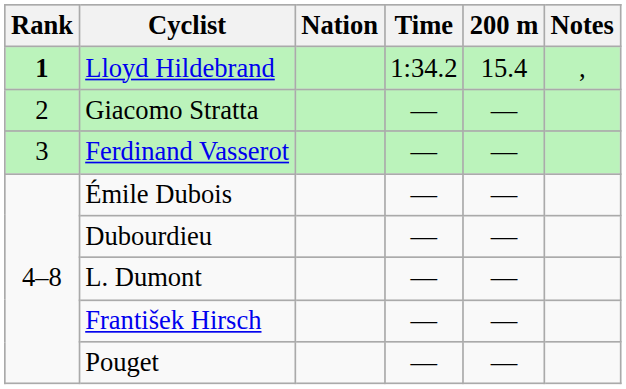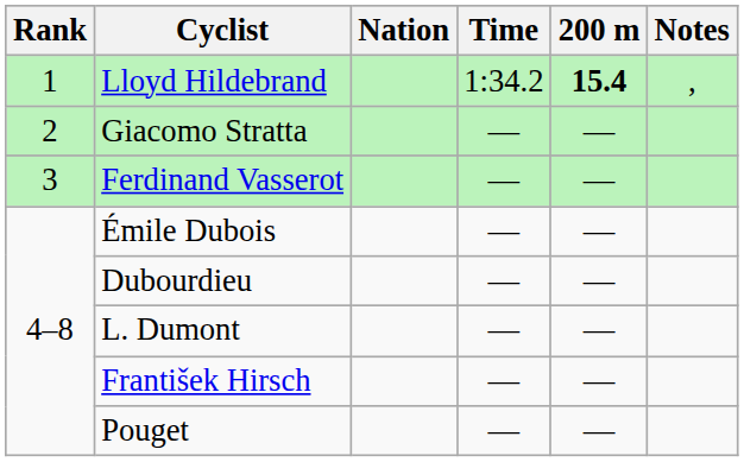 <table class="wikitable sortable" style="text-align:center">
 <tr>
 <th>Rank</th>
 <th>Cyclist</th>
 <th>Nation</th>
 <th>Time</th>
 <th>200 m</th>
 <th>Notes</th>
 </tr>
 <tr bgcolor=bbf3bb>
-<td><strong>1</strong></td>
+<td>1</td>
 <td align=left><a href='#'>Lloyd Hildebrand</a></td>
 <td align=left></td>
 <td>1:34.2</td>
-<td>15.4</td>
+<td><strong>15.4</strong></td>
 <td>, </td>
 </tr>
 <tr bgcolor=bbf3bb>
 <td>2</td>
 <td align=left>Giacomo Stratta</td>
 <td align=left></td>
 <td data-sort-value=9:99.9>—</td>
 <td data-sort-value=99.9>—</td>
 <td></td>
 </tr>
 <tr bgcolor=bbf3bb>
 <td>3</td>
 <td align=left><a href='#'>Ferdinand Vasserot</a></td>
 <td align=left></td>
 <td data-sort-value=9:99.9>—</td>
 <td data-sort-value=99.9>—</td>
 <td></td>
 </tr>
 <tr>
 <td rowspan=5>4–8</td>
 <td align=left>Émile Dubois</td>
 <td align=left></td>
 <td data-sort-value=9:99.9>—</td>
 <td data-sort-value=99.9>—</td>
 <td></td>
 </tr>
 <tr>
 <td align=left>Dubourdieu</td>
 <td align=left></td>
 <td data-sort-value=9:99.9>—</td>
 <td data-sort-value=99.9>—</td>
 <td></td>
 </tr>
 <tr>
 <td align=left>L. Dumont</td>
 <td align=left></td>
 <td data-sort-value=9:99.9>—</td>
 <td data-sort-value=99.9>—</td>
 <td></td>
 </tr>
 <tr>
 <td align=left><a href='#'>František Hirsch</a></td>
 <td align=left></td>
 <td data-sort-value=9:99.9>—</td>
 <td data-sort-value=99.9>—</td>
 <td></td>
 </tr>
 <tr>
 <td align=left>Pouget</td>
 <td align=left></td>
 <td data-sort-value=9:99.9>—</td>
 <td data-sort-value=99.9>—</td>
 <td></td>
 </tr>
 </table>
